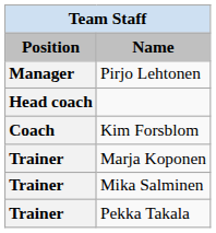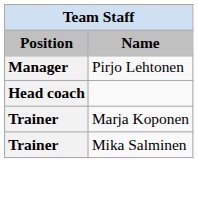 <table class="wikitable" style="text-align:left; font-size:90%;">
 <tr>
 <th style=background:#CEE0F2 colspan=2><span>Team Staff</span>⁣</th>
 </tr>
 <tr>
 <th style="background:silver;">Position</th>
 <th style="background:silver;">Name</th>
 </tr>
 <tr ⁣>
 <th style="text-align:left;">Manager⁣</th>
 <td>Pirjo Lehtonen⁣</td>
 </tr>
 <tr ⁣>
 <th style="text-align:left;">Head coach⁣</th>
 <td>⁣⁣</td>
 </tr>
 <tr ⁣>
-<th style="text-align:left;">Coach⁣</th>
-<td>Kim Forsblom⁣</td>
-</tr>
-<tr ⁣>
 <th style="text-align:left;">Trainer⁣</th>
 <td>Marja Koponen⁣</td>
 </tr>
 <tr ⁣>
 <th style="text-align:left;">Trainer⁣</th>
 <td>Mika Salminen⁣</td>
 </tr>
-<tr ⁣>
-<th style="text-align:left;">Trainer⁣</th>
-<td>Pekka Takala⁣</td>
-</tr>
 </table>
